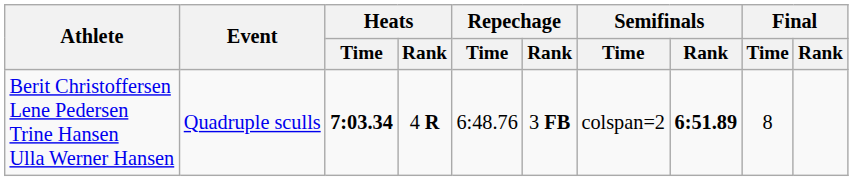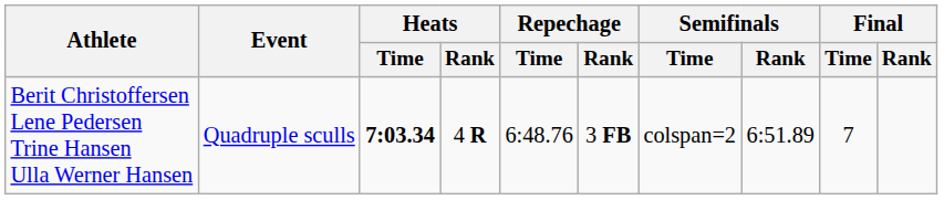 <table class="wikitable" style="font-size:90%">
 <tr>
 <th rowspan="2">Athlete</th>
 <th rowspan="2">Event</th>
 <th colspan="2">Heats</th>
 <th colspan="2">Repechage</th>
 <th colspan="2">Semifinals</th>
 <th colspan="2">Final</th>
 </tr>
 <tr style="font-size:95%">
 <th>Time</th>
 <th>Rank</th>
 <th>Time</th>
 <th>Rank</th>
 <th>Time</th>
 <th>Rank</th>
 <th>Time</th>
 <th>Rank</th>
 </tr>
 <tr align=center>
 <td align=left><a href='#'>Berit Christoffersen</a><br><a href='#'>Lene Pedersen</a><br><a href='#'>Trine Hansen</a><br><a href='#'>Ulla Werner Hansen</a></td>
 <td align=left><a href='#'>Quadruple sculls</a></td>
 <td><strong>7:03.34</strong></td>
 <td>4 <strong>R</strong></td>
 <td>6:48.76</td>
 <td>3 <strong>FB</strong></td>
 <td>colspan=2</td>
-<td><strong>6:51.89</strong></td>
-<td>8</td>
+<td>6:51.89</td>
+<td>7</td>
 </tr>
 </table>
